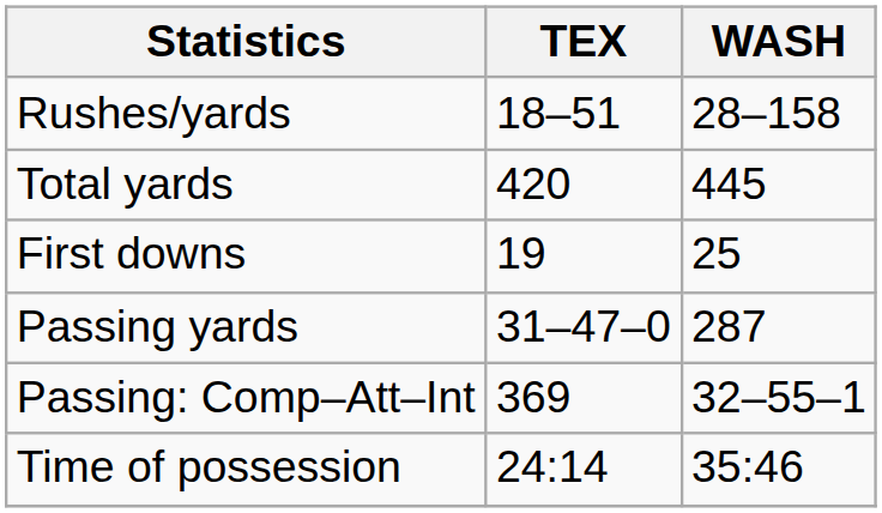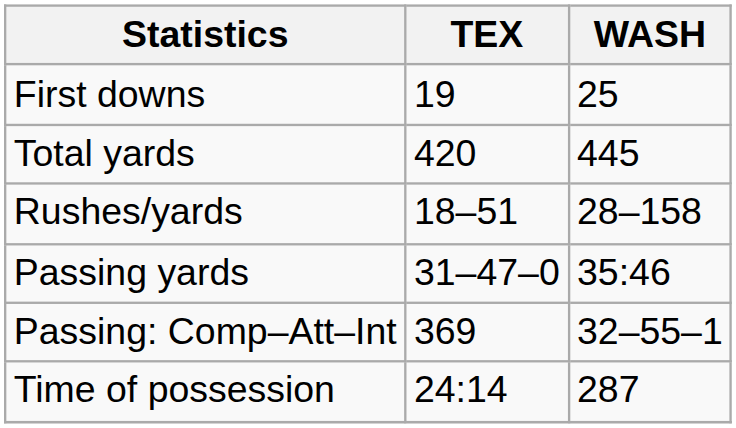 <table class="wikitable" style="float: left;">
 <tr>
 <th>Statistics</th>
 <th>TEX</th>
 <th>WASH</th>
 </tr>
 <tr>
-<td>Rushes/yards</td>
-<td>18–51</td>
-<td>28–158</td>
+<td>First downs</td>
+<td>19</td>
+<td>25</td>
 </tr>
 <tr>
 <td>Total yards</td>
 <td>420</td>
 <td>445</td>
 </tr>
 <tr>
-<td>First downs</td>
-<td>19</td>
-<td>25</td>
+<td>Rushes/yards</td>
+<td>18–51</td>
+<td>28–158</td>
 </tr>
 <tr>
 <td>Passing yards</td>
 <td>31–47–0</td>
-<td>287</td>
+<td>35:46</td>
 </tr>
 <tr>
 <td>Passing: Comp–Att–Int</td>
 <td>369</td>
 <td>32–55–1</td>
 </tr>
 <tr>
 <td>Time of possession</td>
 <td>24:14</td>
-<td>35:46</td>
+<td>287</td>
 </tr>
 <tr>
 </tr>
 </table>
